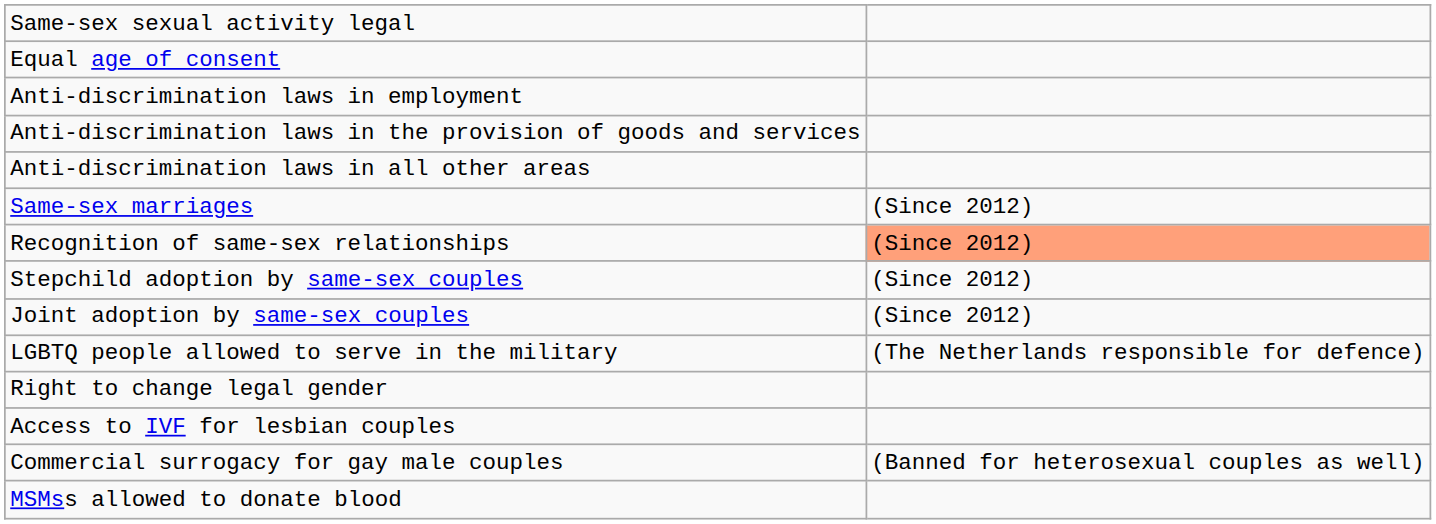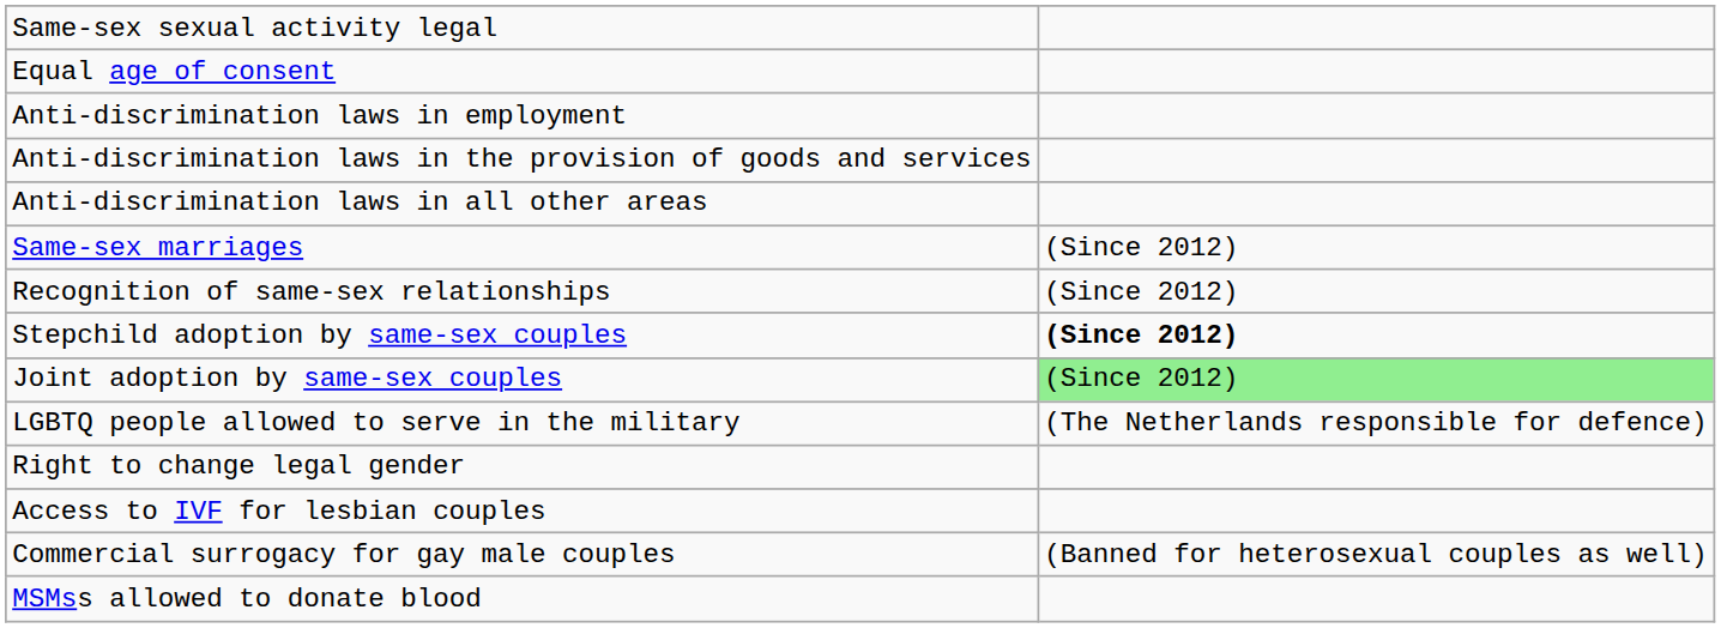 <table class="wikitable">
 <tr>
 <td>Same-sex sexual activity legal</td>
 <td></td>
 </tr>
 <tr>
 <td>Equal <a href='#'>age of consent</a></td>
 <td></td>
 </tr>
 <tr>
 <td>Anti-discrimination laws in employment</td>
 <td></td>
 </tr>
 <tr>
 <td>Anti-discrimination laws in the provision of goods and services</td>
 <td></td>
 </tr>
 <tr>
 <td>Anti-discrimination laws in all other areas</td>
 <td></td>
 </tr>
 <tr>
 <td><a href='#'>Same-sex marriages</a></td>
 <td> (Since 2012)</td>
 </tr>
 <tr>
 <td>Recognition of same-sex relationships</td>
-<td style="background: lightsalmon;"> (Since 2012)</td>
+<td> (Since 2012)</td>
 </tr>
 <tr>
 <td>Stepchild adoption by <a href='#'>same-sex couples</a></td>
-<td> (Since 2012)</td>
+<td><strong> (Since 2012)</strong></td>
 </tr>
 <tr>
 <td>Joint adoption by <a href='#'>same-sex couples</a></td>
-<td> (Since 2012)</td>
+<td style="background: lightgreen;"> (Since 2012)</td>
 </tr>
 <tr>
 <td>LGBTQ people allowed to serve in the military</td>
 <td> (The Netherlands responsible for defence)</td>
 </tr>
 <tr>
 <td>Right to change legal gender</td>
 <td></td>
 </tr>
 <tr>
 <td>Access to <a href='#'>IVF</a> for lesbian couples</td>
 <td></td>
 </tr>
 <tr>
 <td>Commercial surrogacy for gay male couples</td>
 <td> (Banned for heterosexual couples as well)</td>
 </tr>
 <tr>
 <td><a href='#'>MSMs</a>s allowed to donate blood</td>
 <td></td>
 </tr>
 </table>
